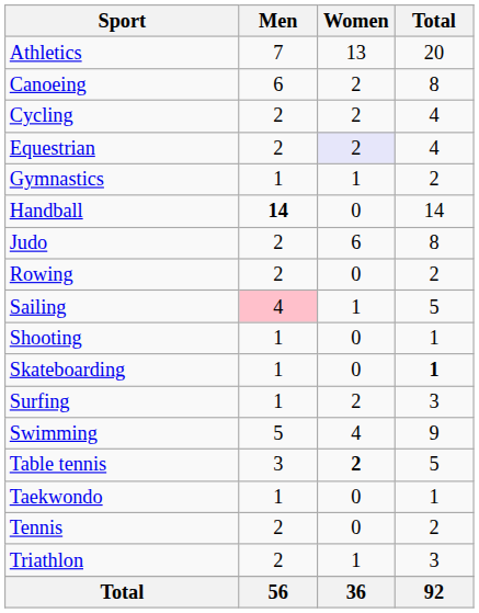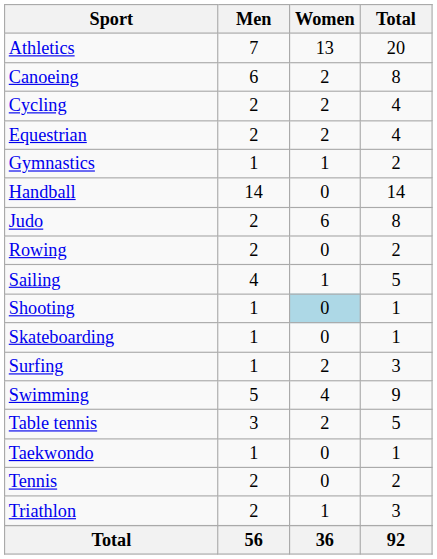 <table class="wikitable sortable" style="text-align:center;">
 <tr>
 <th width=180>Sport</th>
 <th width=55>Men</th>
 <th width=55>Women</th>
 <th width=55>Total</th>
 </tr>
 <tr>
 <td align=left><a href='#'>Athletics</a></td>
 <td>7</td>
 <td>13</td>
 <td>20</td>
 </tr>
 <tr>
 <td align=left><a href='#'>Canoeing</a></td>
 <td>6</td>
 <td>2</td>
 <td>8</td>
 </tr>
 <tr>
 <td align=left><a href='#'>Cycling</a></td>
 <td>2</td>
 <td>2</td>
 <td>4</td>
 </tr>
 <tr>
 <td align=left><a href='#'>Equestrian</a></td>
 <td>2</td>
-<td style="background: lavender;">2</td>
+<td>2</td>
 <td>4</td>
 </tr>
 <tr>
 <td align=left><a href='#'>Gymnastics</a></td>
 <td>1</td>
 <td>1</td>
 <td>2</td>
 </tr>
 <tr>
 <td align=left><a href='#'>Handball</a></td>
-<td><strong>14</strong></td>
+<td>14</td>
 <td>0</td>
 <td>14</td>
 </tr>
 <tr>
 <td align=left><a href='#'>Judo</a></td>
 <td>2</td>
 <td>6</td>
 <td>8</td>
 </tr>
 <tr>
 <td align=left><a href='#'>Rowing</a></td>
 <td>2</td>
 <td>0</td>
 <td>2</td>
 </tr>
 <tr>
 <td align=left><a href='#'>Sailing</a></td>
-<td style="background: pink;">4</td>
+<td>4</td>
 <td>1</td>
 <td>5</td>
 </tr>
 <tr>
 <td align=left><a href='#'>Shooting</a></td>
 <td>1</td>
-<td>0</td>
+<td style="background: lightblue;">0</td>
 <td>1</td>
 </tr>
 <tr>
 <td align=left><a href='#'>Skateboarding</a></td>
 <td>1</td>
 <td>0</td>
-<td><strong>1</strong></td>
+<td>1</td>
 </tr>
 <tr>
 <td align=left><a href='#'>Surfing</a></td>
 <td>1</td>
 <td>2</td>
 <td>3</td>
 </tr>
 <tr>
 <td align=left><a href='#'>Swimming</a></td>
 <td>5</td>
 <td>4</td>
 <td>9</td>
 </tr>
 <tr>
 <td align=left><a href='#'>Table tennis</a></td>
 <td>3</td>
-<td><strong>2</strong></td>
+<td>2</td>
 <td>5</td>
 </tr>
 <tr>
 <td align=left><a href='#'>Taekwondo</a></td>
 <td>1</td>
 <td>0</td>
 <td>1</td>
 </tr>
 <tr>
 <td align=left><a href='#'>Tennis</a></td>
 <td>2</td>
 <td>0</td>
 <td>2</td>
 </tr>
 <tr>
 <td align=left><a href='#'>Triathlon</a></td>
 <td>2</td>
 <td>1</td>
 <td>3</td>
 </tr>
 <tr>
 </tr>
 <tr class="sortbottom">
 <th>Total</th>
 <th>56</th>
 <th>36</th>
 <th>92</th>
 </tr>
 </table>
